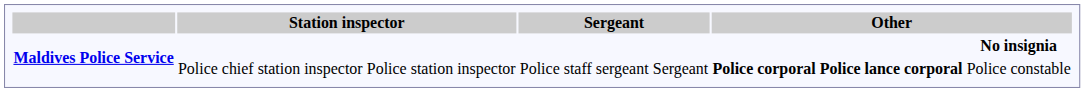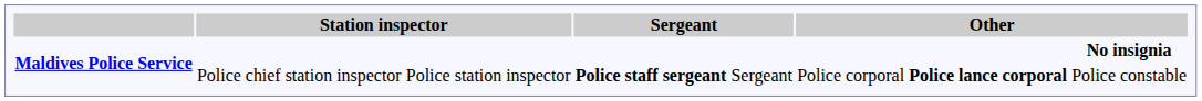 <table style="border:1px solid #8888aa; background-color:#f7f8ff; padding:5px; font-size:95%; margin: 0px 12px 12px 0px;">
 <tr style="background-color:#CCCCCC;">
 <th></th>
 <th colspan=2>Station inspector</th>
 <th colspan=2>Sergeant</th>
 <th colspan=3>Other</th>
 </tr>
 <tr style="text-align:center;">
 <td rowspan=2> <strong><a href='#'>Maldives Police Service</a></strong></td>
 <td></td>
 <td></td>
 <td></td>
 <td></td>
 <td></td>
 <td></td>
 <td><strong>No insignia</strong></td>
 </tr>
 <tr style="text-align:center;">
 <td>Police chief station inspector</td>
 <td>Police station inspector</td>
-<td>Police staff sergeant</td>
+<td><strong>Police staff sergeant</strong></td>
 <td>Sergeant</td>
-<td><strong>Police corporal</strong></td>
+<td>Police corporal</td>
 <td><strong>Police lance corporal</strong></td>
 <td>Police constable</td>
 </tr>
 </table>
